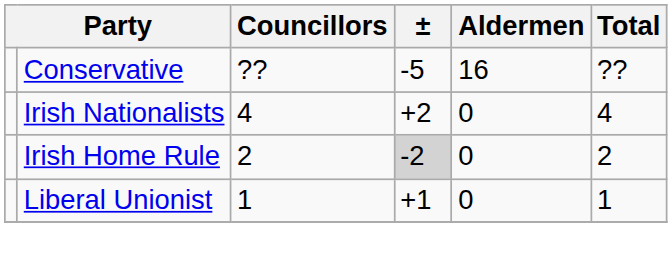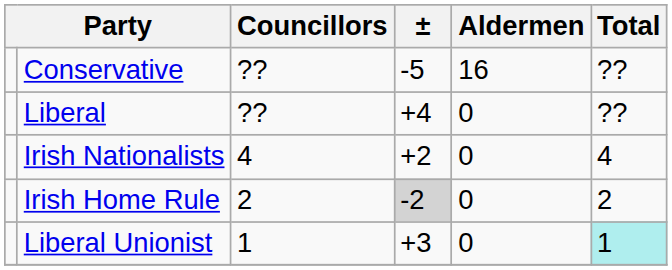 <table class="wikitable">
 <tr>
 <th colspan="2">Party</th>
 <th>Councillors</th>
 <th>  ±  </th>
 <th>Aldermen</th>
 <th>Total</th>
 </tr>
 <tr>
 <td style="background-color: "></td>
 <td><a href='#'>Conservative</a></td>
 <td>??</td>
 <td>-5</td>
 <td>16</td>
+<td>??</td>
+</tr>
+<tr>
+<td style="background-color: "></td>
+<td><a href='#'>Liberal</a></td>
+<td>??</td>
+<td>+4</td>
+<td>0</td>
 <td>??</td>
 </tr>
 <tr>
 <td style="background-color: "></td>
 <td><a href='#'>Irish Nationalists</a></td>
 <td>4</td>
 <td>+2</td>
 <td>0</td>
 <td>4</td>
 </tr>
 <tr>
 <td style="background-color: "></td>
 <td><a href='#'>Irish Home Rule</a></td>
 <td>2</td>
 <td style="background: lightgrey;">-2</td>
 <td>0</td>
 <td>2</td>
 </tr>
 <tr>
 <td style="background-color: "></td>
 <td><a href='#'>Liberal Unionist</a></td>
 <td>1</td>
-<td>+1</td>
+<td>+3</td>
 <td>0</td>
-<td>1</td>
+<td style="background: paleturquoise;">1</td>
 </tr>
 <tr>
 </tr>
 </table>
